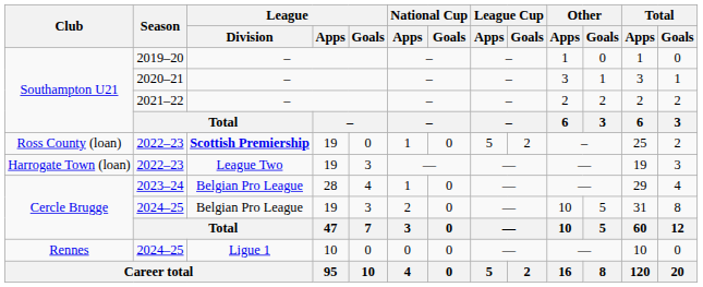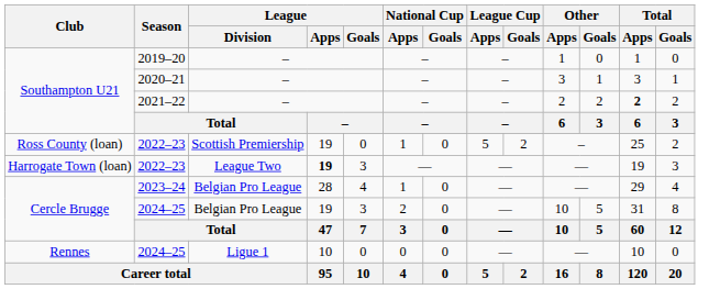 <table class=wikitable style=text-align:center>
 <tr>
 <th rowspan=2>Club</th>
 <th rowspan=2>Season</th>
 <th colspan=3>League</th>
 <th colspan=2>National Cup</th>
 <th colspan=2>League Cup</th>
 <th colspan=2>Other</th>
 <th colspan=2>Total</th>
 </tr>
 <tr>
 <th>Division</th>
 <th>Apps</th>
 <th>Goals</th>
 <th>Apps</th>
 <th>Goals</th>
 <th>Apps</th>
 <th>Goals</th>
 <th>Apps</th>
 <th>Goals</th>
 <th>Apps</th>
 <th>Goals</th>
 </tr>
 <tr>
 <td rowspan=4><a href='#'>Southampton U21</a></td>
 <td>2019–20</td>
 <td colspan="3">–</td>
 <td colspan="2">–</td>
 <td colspan="2">–</td>
 <td>1</td>
 <td>0</td>
 <td>1</td>
 <td>0</td>
 </tr>
 <tr>
 <td>2020–21</td>
 <td colspan="3">–</td>
 <td colspan="2">–</td>
 <td colspan="2">–</td>
 <td>3</td>
 <td>1</td>
 <td>3</td>
 <td>1</td>
 </tr>
 <tr>
 <td>2021–22</td>
 <td colspan="3">–</td>
 <td colspan="2">–</td>
 <td colspan="2">–</td>
 <td>2</td>
 <td>2</td>
-<td>2</td>
+<td><strong>2</strong></td>
 <td>2</td>
 </tr>
 <tr>
 <th colspan=2>Total</th>
 <th colspan="2">–</th>
 <th colspan="2">–</th>
 <th colspan="2">–</th>
 <th>6</th>
 <th>3</th>
 <th>6</th>
 <th>3</th>
 </tr>
 <tr>
 <td><a href='#'>Ross County</a> (loan)</td>
 <td><a href='#'>2022–23</a></td>
-<td><strong><a href='#'>Scottish Premiership</a></strong></td>
+<td><a href='#'>Scottish Premiership</a></td>
 <td>19</td>
 <td>0</td>
 <td>1</td>
 <td>0</td>
 <td>5</td>
 <td>2</td>
 <td colspan="2">–</td>
 <td>25</td>
 <td>2</td>
 </tr>
 <tr>
 <td><a href='#'>Harrogate Town</a> (loan)</td>
 <td><a href='#'>2022–23</a></td>
 <td><a href='#'>League Two</a></td>
-<td>19</td>
+<td><strong>19</strong></td>
 <td>3</td>
 <td colspan="2">—</td>
 <td colspan="2">—</td>
 <td colspan="2">—</td>
 <td>19</td>
 <td>3</td>
 </tr>
 <tr>
 <td rowspan="3"><a href='#'>Cercle Brugge</a></td>
 <td><a href='#'>2023–24</a></td>
 <td><a href='#'>Belgian Pro League</a></td>
 <td>28</td>
 <td>4</td>
 <td>1</td>
 <td>0</td>
 <td colspan="2">—</td>
 <td colspan="2">—</td>
 <td>29</td>
 <td>4</td>
 </tr>
 <tr>
 <td><a href='#'>2024–25</a></td>
 <td>Belgian Pro League</td>
 <td>19</td>
 <td>3</td>
 <td>2</td>
 <td>0</td>
 <td colspan="2">—</td>
 <td>10</td>
 <td>5</td>
 <td>31</td>
 <td>8</td>
 </tr>
 <tr>
 <th colspan="2">Total</th>
 <th>47</th>
 <th>7</th>
 <th>3</th>
 <th>0</th>
 <th colspan="2">—</th>
 <th>10</th>
 <th>5</th>
 <th>60</th>
 <th>12</th>
 </tr>
 <tr>
 <td><a href='#'>Rennes</a></td>
 <td><a href='#'>2024–25</a></td>
 <td><a href='#'>Ligue 1</a></td>
 <td>10</td>
 <td>0</td>
 <td>0</td>
 <td>0</td>
 <td colspan="2">—</td>
 <td colspan="2">—</td>
 <td>10</td>
 <td>0</td>
 </tr>
 <tr>
 <th colspan=3>Career total</th>
 <th>95</th>
 <th>10</th>
 <th>4</th>
 <th>0</th>
 <th>5</th>
 <th>2</th>
 <th>16</th>
 <th>8</th>
 <th>120</th>
 <th>20</th>
 </tr>
 </table>
